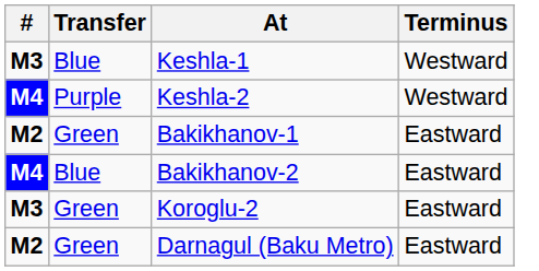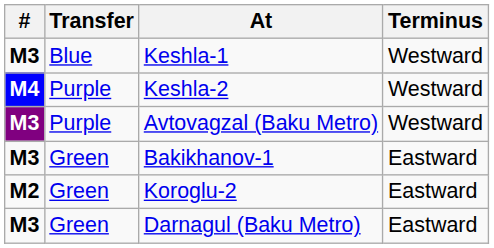 <table class="wikitable">
 <tr>
 <th>#</th>
 <th>Transfer</th>
 <th>At</th>
 <th>Terminus</th>
 </tr>
 <tr>
 <td style="background:#"><strong>M3</strong></td>
 <td><a href='#'>Blue</a></td>
 <td><a href='#'>Keshla-1</a></td>
 <td>Westward</td>
 </tr>
 <tr>
 <td style="background: blue; color:white"><strong>M4</strong></td>
 <td><a href='#'>Purple</a></td>
 <td><a href='#'>Keshla-2</a></td>
 <td>Westward</td>
 </tr>
 <tr>
-<td style="background:#"><strong>M2</strong></td>
+<td style="background: purple; color:white"><strong>M3</strong></td>
+<td><a href='#'>Purple</a></td>
+<td><a href='#'>Avtovagzal (Baku Metro)</a></td>
+<td>Westward</td>
+</tr>
+<tr>
+<td style="background:#"><strong>M3</strong></td>
 <td><a href='#'>Green</a></td>
 <td><a href='#'>Bakikhanov-1</a></td>
 <td>Eastward</td>
 </tr>
 <tr>
-<td style="background: blue; color:white"><strong>M4</strong></td>
-<td><a href='#'>Blue</a></td>
-<td><a href='#'>Bakikhanov-2</a></td>
+<td style="background:#"><strong>M2</strong></td>
+<td><a href='#'>Green</a></td>
+<td><a href='#'>Koroglu-2</a></td>
 <td>Eastward</td>
 </tr>
 <tr>
 <td style="background:#"><strong>M3</strong></td>
 <td><a href='#'>Green</a></td>
-<td><a href='#'>Koroglu-2</a></td>
-<td>Eastward</td>
-</tr>
-<tr>
-<td style="background:#"><strong>M2</strong></td>
-<td><a href='#'>Green</a></td>
 <td><a href='#'>Darnagul (Baku Metro)</a></td>
 <td>Eastward</td>
 </tr>
 </table>
